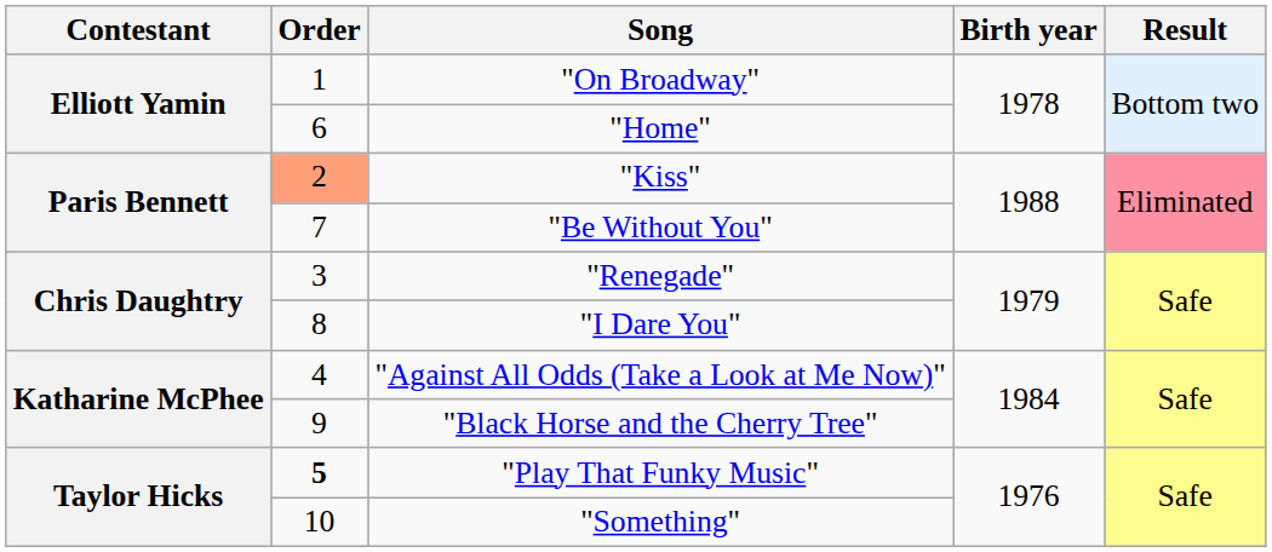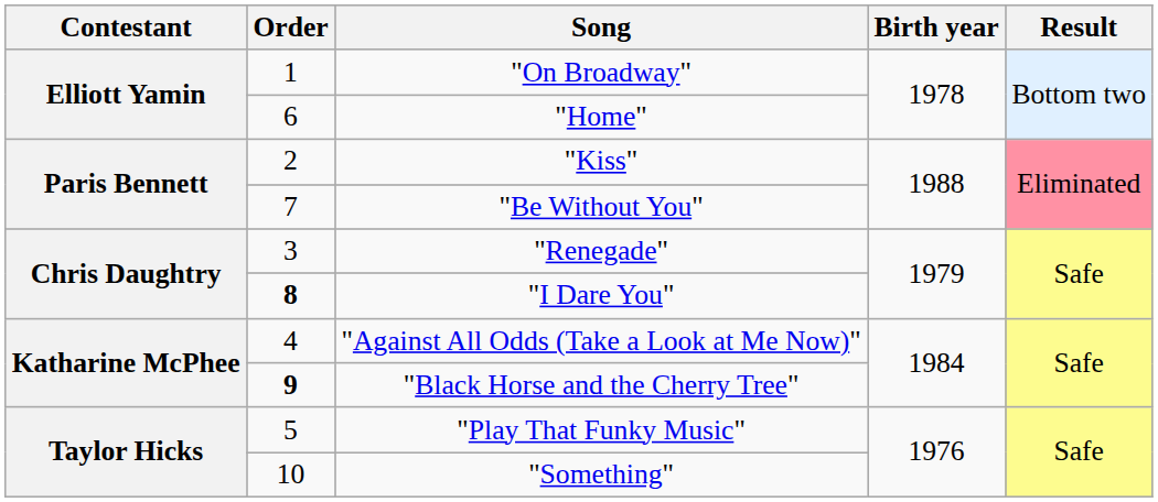 <table class="wikitable unsortable" style="text-align:center;">
 <tr>
 <th scope="col">Contestant</th>
 <th scope="col">Order</th>
 <th scope="col">Song</th>
 <th scope="col">Birth year</th>
 <th scope="col">Result</th>
 </tr>
 <tr>
 <th scope="row" rowspan="2">Elliott Yamin</th>
 <td>1</td>
 <td>"<a href='#'>On Broadway</a>"</td>
 <td rowspan="2">1978</td>
 <td rowspan="2" bgcolor="E0F0FF">Bottom two</td>
 </tr>
 <tr>
 <td>6</td>
 <td>"<a href='#'>Home</a>"</td>
 </tr>
 <tr>
 <th scope="row" rowspan="2">Paris Bennett</th>
-<td style="background: lightsalmon;">2</td>
+<td>2</td>
 <td>"<a href='#'>Kiss</a>"</td>
 <td rowspan="2">1988</td>
 <td rowspan="2" bgcolor="FF91A4">Eliminated</td>
 </tr>
 <tr>
 <td>7</td>
 <td>"<a href='#'>Be Without You</a>"</td>
 </tr>
 <tr>
 <th scope="row" rowspan="2">Chris Daughtry</th>
 <td>3</td>
 <td>"<a href='#'>Renegade</a>"</td>
 <td rowspan="2">1979</td>
 <td rowspan="2" style="background:#FDFC8F">Safe</td>
 </tr>
 <tr>
-<td>8</td>
+<td><strong>8</strong></td>
 <td>"<a href='#'>I Dare You</a>"</td>
 </tr>
 <tr>
 <th scope="row" rowspan="2">Katharine McPhee</th>
 <td>4</td>
 <td>"<a href='#'>Against All Odds (Take a Look at Me Now)</a>"</td>
 <td rowspan="2">1984</td>
 <td rowspan="2" style="background:#FDFC8F">Safe</td>
 </tr>
 <tr>
-<td>9</td>
+<td><strong>9</strong></td>
 <td>"<a href='#'>Black Horse and the Cherry Tree</a>"</td>
 </tr>
 <tr>
 <th scope="row" rowspan="2">Taylor Hicks</th>
-<td><strong>5</strong></td>
+<td>5</td>
 <td>"<a href='#'>Play That Funky Music</a>"</td>
 <td rowspan="2">1976</td>
 <td rowspan="2" style="background:#FDFC8F">Safe</td>
 </tr>
 <tr>
 <td>10</td>
 <td>"<a href='#'>Something</a>"</td>
 </tr>
 </table>
